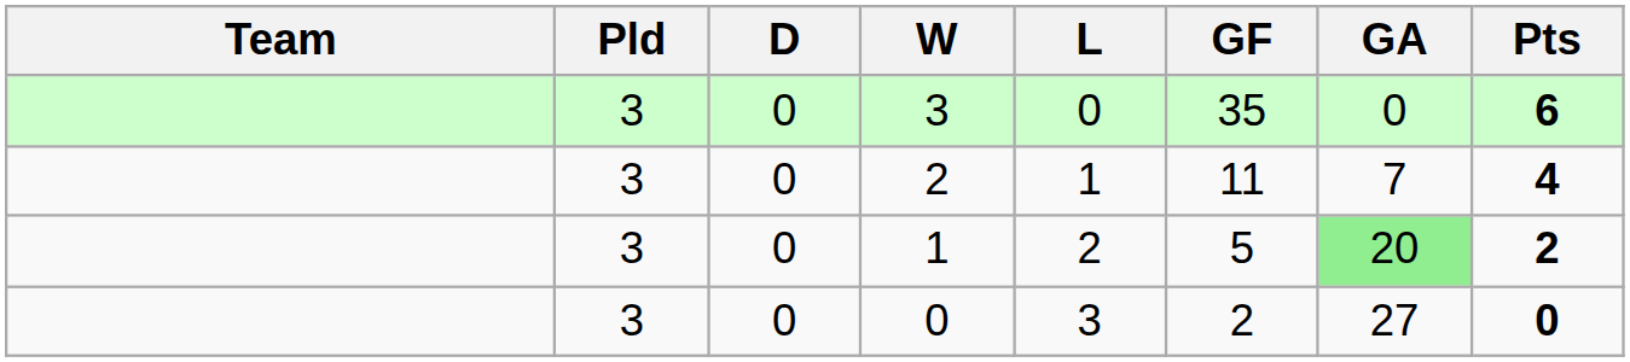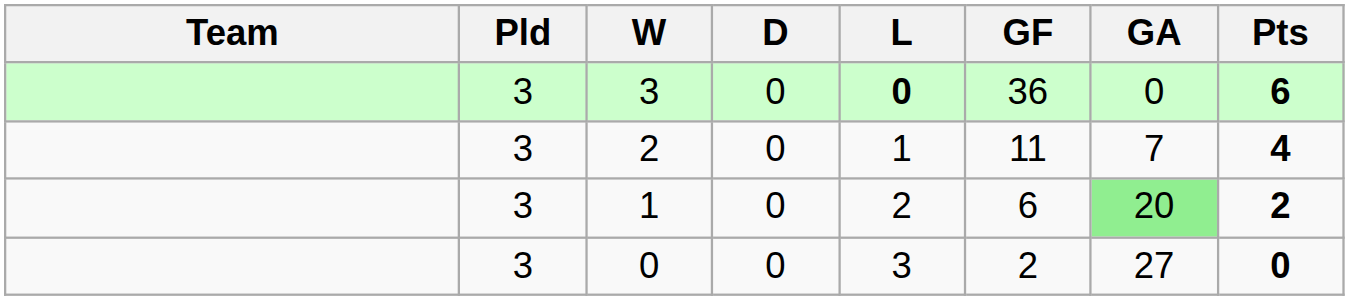 <table class="wikitable" style="text-align:center">
 <tr>
 <th style="width:12em">Team</th>
 <th style="width:3em">Pld</th>
+<th style="width:3em">W</th>
 <th style="width:3em">D</th>
-<th style="width:3em">W</th>
 <th style="width:3em">L</th>
 <th style="width:3em">GF</th>
 <th style="width:3em">GA</th>
 <th style="width:3em">Pts</th>
 </tr>
 <tr style="background:#ccffcc;">
 <td align=left></td>
 <td>3</td>
-<td>0</td>
 <td>3</td>
 <td>0</td>
-<td>35</td>
+<td><strong>0</strong></td>
+<td>36</td>
 <td>0</td>
 <td><strong>6</strong></td>
 </tr>
 <tr>
 <td align=left></td>
 <td>3</td>
+<td>2</td>
 <td>0</td>
-<td>2</td>
 <td>1</td>
 <td>11</td>
 <td>7</td>
 <td><strong>4</strong></td>
 </tr>
 <tr>
 <td align=left></td>
 <td>3</td>
+<td>1</td>
 <td>0</td>
-<td>1</td>
 <td>2</td>
-<td>5</td>
+<td>6</td>
 <td style="background: lightgreen;">20</td>
 <td><strong>2</strong></td>
 </tr>
 <tr>
 <td align=left></td>
 <td>3</td>
 <td>0</td>
 <td>0</td>
 <td>3</td>
 <td>2</td>
 <td>27</td>
 <td><strong>0</strong></td>
 </tr>
 </table>
